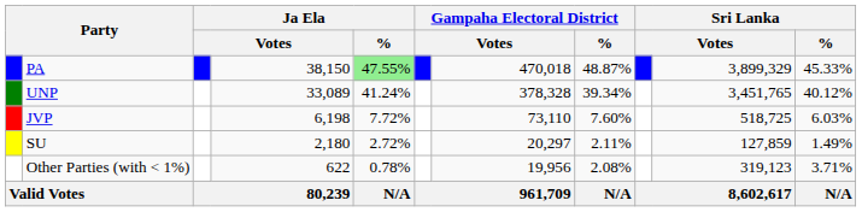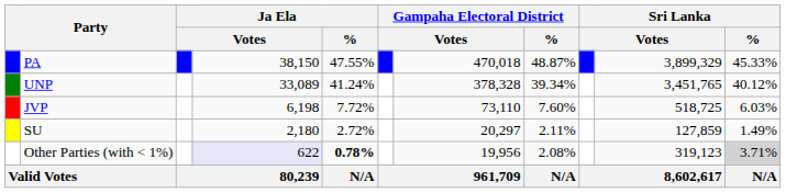 <table class="wikitable">
 <tr>
 <th colspan="2" width="144px"rowspan="2">Party</th>
 <th colspan="3" width="216px">Ja Ela</th>
 <th colspan="3" width="216px"><a href='#'>Gampaha Electoral District</a></th>
 <th colspan="3" width="216px">Sri Lanka</th>
 </tr>
 <tr>
 <th colspan="2" width="144px">Votes</th>
 <th>%</th>
 <th colspan="2" width="144px">Votes</th>
 <th>%</th>
 <th colspan="2" width="144px">Votes</th>
 <th>%</th>
 </tr>
 <tr>
 <td style="background-color:blue;" width="10px"></td>
 <td style="text-align:left;"><a href='#'>PA</a></td>
 <td style="background-color:blue;" width="10px"></td>
 <td style="text-align:right;">38,150</td>
-<td style="background: lightgreen; text-align:right;">47.55%</td>
+<td style="text-align:right;">47.55%</td>
 <td style="background-color:blue;" width="10px"></td>
 <td style="text-align:right;">470,018</td>
 <td style="text-align:right;">48.87%</td>
 <td style="background-color:blue;" width="10px"></td>
 <td style="text-align:right;">3,899,329</td>
 <td style="text-align:right;">45.33%</td>
 </tr>
 <tr>
 <td style="background-color:green;" width="10px"></td>
 <td style="text-align:left;"><a href='#'>UNP</a></td>
 <td style="background-color:white;" width="10px"></td>
 <td style="text-align:right;">33,089</td>
 <td style="text-align:right;">41.24%</td>
 <td style="background-color:white;" width="10px"></td>
 <td style="text-align:right;">378,328</td>
 <td style="text-align:right;">39.34%</td>
 <td style="background-color:white;" width="10px"></td>
 <td style="text-align:right;">3,451,765</td>
 <td style="text-align:right;">40.12%</td>
 </tr>
 <tr>
 <td style="background-color:red;" width="10px"></td>
 <td style="text-align:left;"><a href='#'>JVP</a></td>
 <td style="background-color:white;" width="10px"></td>
 <td style="text-align:right;">6,198</td>
 <td style="text-align:right;">7.72%</td>
 <td style="background-color:white;" width="10px"></td>
 <td style="text-align:right;">73,110</td>
 <td style="text-align:right;">7.60%</td>
 <td style="background-color:white;" width="10px"></td>
 <td style="text-align:right;">518,725</td>
 <td style="text-align:right;">6.03%</td>
 </tr>
 <tr>
 <td style="background-color:yellow;" width="10px"></td>
 <td style="text-align:left;">SU</td>
 <td style="background-color:white;" width="10px"></td>
 <td style="text-align:right;">2,180</td>
 <td style="text-align:right;">2.72%</td>
 <td style="background-color:white;" width="10px"></td>
 <td style="text-align:right;">20,297</td>
 <td style="text-align:right;">2.11%</td>
 <td style="background-color:white;" width="10px"></td>
 <td style="text-align:right;">127,859</td>
 <td style="text-align:right;">1.49%</td>
 </tr>
 <tr>
 <td style="background-color:white;" width="10px"></td>
 <td style="text-align:left;">Other Parties (with < 1%)</td>
 <td style="background-color:white;" width="10px"></td>
-<td style="text-align:right;">622</td>
-<td style="text-align:right;">0.78%</td>
+<td style="background: lavender; text-align:right;">622</td>
+<td style="text-align:right;"><strong>0.78%</strong></td>
 <td style="background-color:white;" width="10px"></td>
 <td style="text-align:right;">19,956</td>
 <td style="text-align:right;">2.08%</td>
 <td style="background-color:white;" width="10px"></td>
 <td style="text-align:right;">319,123</td>
-<td style="text-align:right;">3.71%</td>
+<td style="background: lightgrey; text-align:right;">3.71%</td>
 </tr>
 <tr>
 <th colspan="2" width="144px"style="text-align:left;">Valid Votes</th>
 <th style="text-align:right;"colspan="2" width="144px">80,239</th>
 <th style="text-align:right;">N/A</th>
 <th style="text-align:right;"colspan="2" width="144px">961,709</th>
 <th style="text-align:right;">N/A</th>
 <th style="text-align:right;"colspan="2" width="144px">8,602,617</th>
 <th style="text-align:right;">N/A</th>
 </tr>
 </table>
